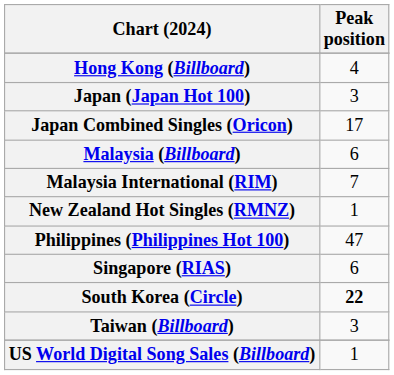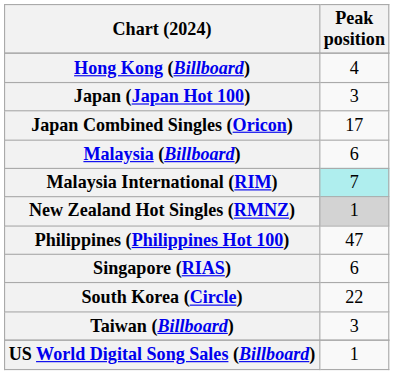 <table class="wikitable sortable plainrowheaders" style="text-align:center">
 <tr>
 <th scope="col">Chart (2024)</th>
 <th scope="col">Peak<br>position</th>
 </tr>
 <tr>
 </tr>
 <tr>
 </tr>
 <tr>
 <th scope="row"><a href='#'>Hong Kong</a> (<em><a href='#'>Billboard</a></em>)</th>
 <td>4</td>
 </tr>
 <tr>
 <th scope="row">Japan (<a href='#'>Japan Hot 100</a>)</th>
 <td>3</td>
 </tr>
 <tr>
 <th scope="row">Japan Combined Singles (<a href='#'>Oricon</a>)</th>
 <td>17</td>
 </tr>
 <tr>
 <th scope="row"><a href='#'>Malaysia</a> (<em><a href='#'>Billboard</a></em>)</th>
 <td>6</td>
 </tr>
 <tr>
 <th scope="row">Malaysia International (<a href='#'>RIM</a>)</th>
-<td>7</td>
+<td style="background: paleturquoise;">7</td>
 </tr>
 <tr>
 <th scope="row">New Zealand Hot Singles (<a href='#'>RMNZ</a>)</th>
-<td>1</td>
+<td style="background: lightgrey;">1</td>
 </tr>
 <tr>
 <th scope="row">Philippines (<a href='#'>Philippines Hot 100</a>)</th>
 <td>47</td>
 </tr>
 <tr>
 <th scope="row">Singapore (<a href='#'>RIAS</a>)</th>
 <td>6</td>
 </tr>
 <tr>
 <th scope="row">South Korea (<a href='#'>Circle</a>)</th>
-<td><strong>22</strong></td>
+<td>22</td>
 </tr>
 <tr>
 <th scope="row">Taiwan (<em><a href='#'>Billboard</a></em>)</th>
 <td>3</td>
 </tr>
 <tr>
 </tr>
 <tr>
 </tr>
 <tr>
 <th scope="row">US <a href='#'>World Digital Song Sales</a> (<em><a href='#'>Billboard</a></em>)</th>
 <td>1</td>
 </tr>
 </table>
